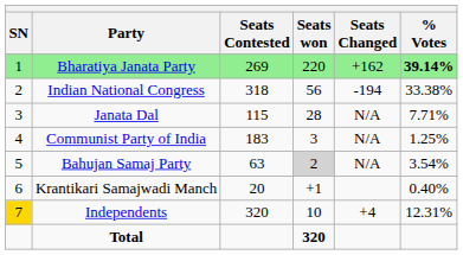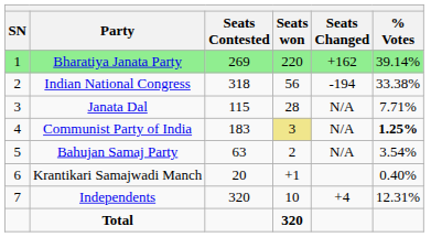 <table class="wikitable sortable" style="text-align:center;">
 <tr>
 <th colspan=10></th>
 </tr>
 <tr>
 <th>SN</th>
 <th>Party</th>
 <th>Seats<br>Contested</th>
 <th>Seats<br>won</th>
 <th>Seats<br> Changed</th>
 <th>%<br>Votes</th>
 </tr>
 <tr style="background:#90EE90;">
 <td>1</td>
 <td><a href='#'>Bharatiya Janata Party</a></td>
 <td>269</td>
 <td>220</td>
 <td>+162</td>
-<td><strong>39.14%</strong></td>
+<td>39.14%</td>
 </tr>
 <tr>
 <td>2</td>
 <td><a href='#'>Indian National Congress</a></td>
 <td>318</td>
 <td>56</td>
 <td>-194</td>
 <td>33.38%</td>
 </tr>
 <tr>
 <td>3</td>
 <td><a href='#'>Janata Dal</a></td>
 <td>115</td>
 <td>28</td>
 <td>N/A</td>
 <td>7.71%</td>
 </tr>
 <tr>
 <td>4</td>
 <td><a href='#'>Communist Party of India</a></td>
 <td>183</td>
-<td>3</td>
+<td style="background: khaki;">3</td>
 <td>N/A</td>
-<td>1.25%</td>
+<td><strong>1.25%</strong></td>
 </tr>
 <tr>
 <td>5</td>
 <td><a href='#'>Bahujan Samaj Party</a></td>
 <td>63</td>
-<td style="background: lightgrey;">2</td>
+<td>2</td>
 <td>N/A</td>
 <td>3.54%</td>
 </tr>
 <tr>
 <td>6</td>
 <td>Krantikari Samajwadi Manch</td>
 <td>20</td>
 <td>+1</td>
 <td></td>
 <td>0.40%</td>
 </tr>
 <tr>
-<td style="background: gold;">7</td>
+<td>7</td>
 <td><a href='#'>Independents</a></td>
 <td>320</td>
 <td>10</td>
 <td>+4</td>
 <td>12.31%</td>
 </tr>
 <tr>
 <td></td>
 <td><strong>Total</strong></td>
 <td></td>
 <td><strong>320</strong></td>
 <td></td>
 <td></td>
 </tr>
 </table>
